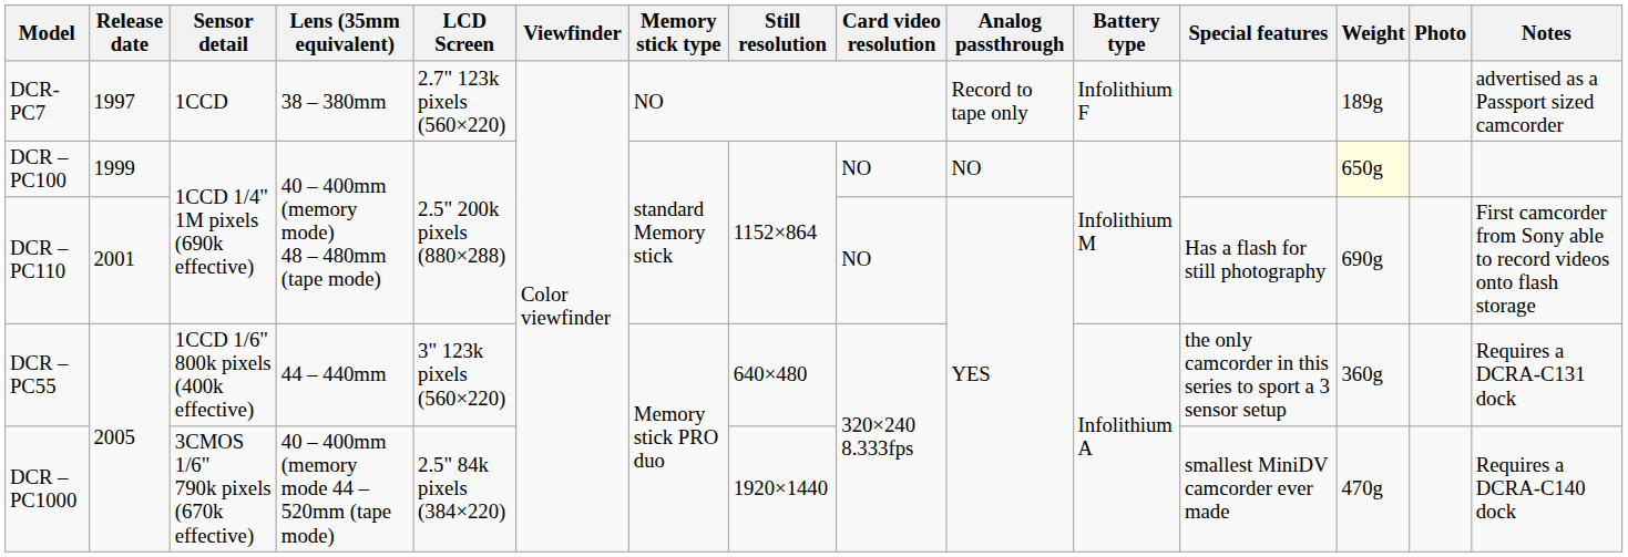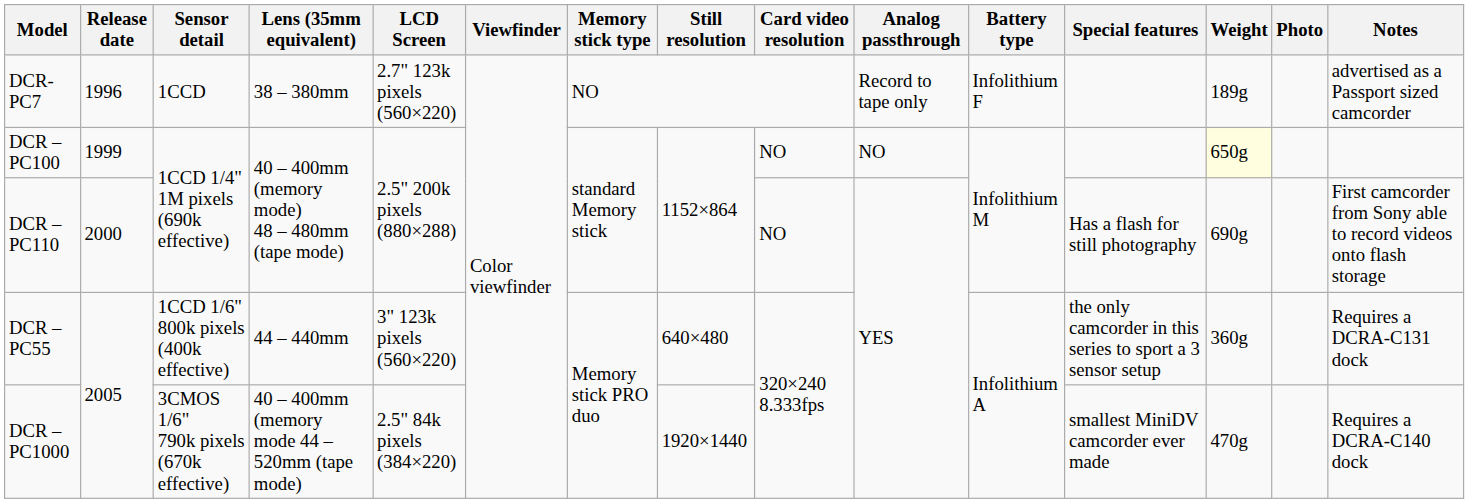 <table class="wikitable">
 <tr>
 <th>Model</th>
 <th>Release date</th>
 <th>Sensor detail</th>
 <th>Lens (35mm equivalent)</th>
 <th>LCD Screen</th>
 <th>Viewfinder</th>
 <th>Memory stick type</th>
 <th>Still resolution</th>
 <th>Card video resolution</th>
 <th>Analog passthrough</th>
 <th>Battery type</th>
 <th>Special features</th>
 <th>Weight</th>
 <th>Photo</th>
 <th>Notes</th>
 </tr>
 <tr>
 <td>DCR- PC7</td>
-<td>1997</td>
+<td>1996</td>
 <td>1CCD </td>
 <td>38 – 380mm</td>
 <td>2.7" 123k pixels<br>(560×220)</td>
 <td rowspan="5">Color viewfinder</td>
 <td colspan="3">NO</td>
 <td>Record to tape only</td>
 <td>Infolithium F</td>
 <td></td>
 <td>189g</td>
 <td></td>
 <td>advertised as a Passport sized camcorder</td>
 </tr>
 <tr>
 <td>DCR – PC100</td>
 <td>1999</td>
 <td rowspan="2">1CCD 1/4"<br>1M pixels<br>(690k effective)</td>
 <td rowspan="2">40 – 400mm (memory mode)<br>48 – 480mm  (tape mode)</td>
 <td rowspan="2">2.5" 200k pixels<br>(880×288)</td>
 <td rowspan="2">standard Memory stick</td>
 <td rowspan="2">1152×864</td>
 <td>NO</td>
 <td>NO</td>
 <td rowspan="2">Infolithium M</td>
 <td></td>
 <td style="background: lightyellow;">650g</td>
 <td></td>
 <td></td>
 </tr>
 <tr>
 <td>DCR – PC110</td>
-<td>2001</td>
+<td>2000</td>
 <td>NO</td>
 <td rowspan="3">YES</td>
 <td>Has a flash for still photography</td>
 <td>690g</td>
 <td></td>
 <td>First camcorder from Sony able to record videos onto flash storage</td>
 </tr>
 <tr>
 <td>DCR – PC55</td>
 <td rowspan="2">2005</td>
 <td>1CCD 1/6"<br>800k pixels (400k effective)</td>
 <td>44 – 440mm</td>
 <td>3" 123k pixels<br>(560×220)</td>
 <td rowspan="2">Memory stick PRO duo</td>
 <td>640×480</td>
 <td rowspan="2">320×240 8.333fps</td>
 <td rowspan="2">Infolithium A</td>
 <td>the only camcorder in this series to sport a 3 sensor setup</td>
 <td>360g</td>
 <td></td>
 <td>Requires a DCRA-C131 dock</td>
 </tr>
 <tr>
 <td>DCR – PC1000</td>
 <td>3CMOS 1/6"<br>790k pixels (670k effective)</td>
 <td>40 – 400mm<br>(memory mode 44 – 520mm (tape mode)</td>
 <td>2.5" 84k pixels<br>(384×220)</td>
 <td>1920×1440</td>
 <td>smallest MiniDV camcorder ever made</td>
 <td>470g</td>
 <td></td>
 <td>Requires a DCRA-C140 dock</td>
 </tr>
 </table>
